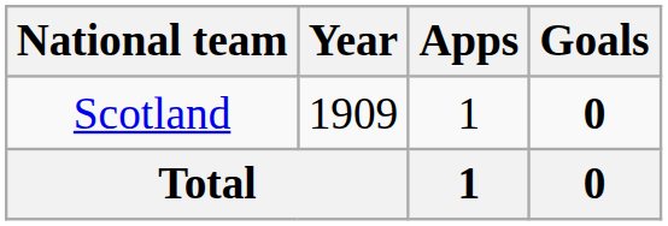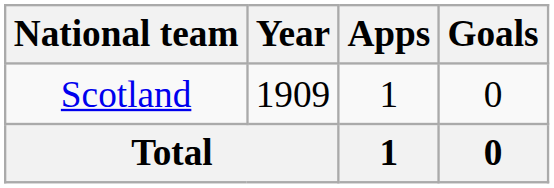 <table class="wikitable" style="text-align: center;">
 <tr>
 <th>National team</th>
 <th>Year</th>
 <th>Apps</th>
 <th>Goals</th>
 </tr>
 <tr>
 <td><a href='#'>Scotland</a></td>
 <td>1909</td>
 <td>1</td>
-<td><strong>0</strong></td>
+<td>0</td>
 </tr>
 <tr>
 <th colspan="2">Total</th>
 <th>1</th>
 <th>0</th>
 </tr>
 </table>
